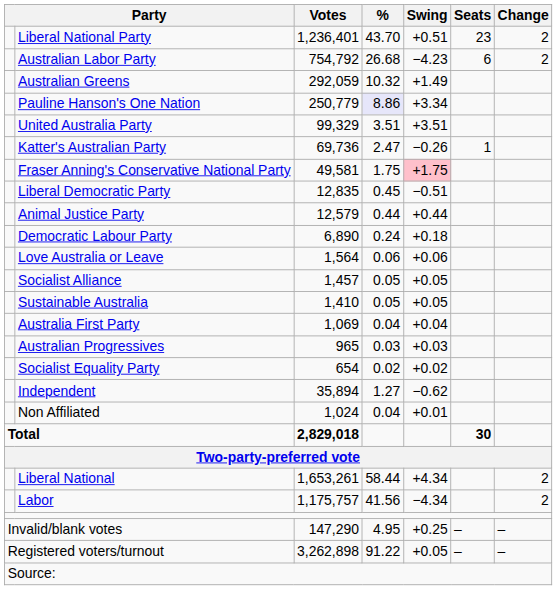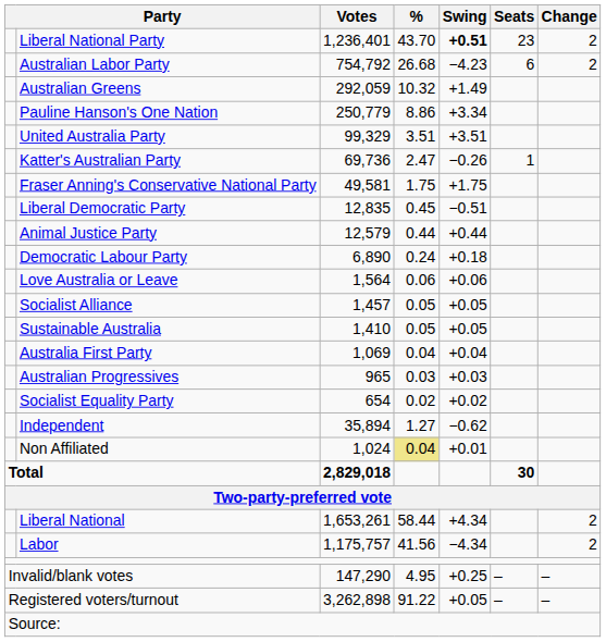 <table class="wikitable">
 <tr>
 <th style="width:200px" colspan=2>Party</th>
 <th style="width:70px; text-align:center;">Votes</th>
 <th style="width:40px; text-align:center;">%</th>
 <th style="width:40px; text-align:center;">Swing</th>
 <th style="width:40px; text-align:center;">Seats</th>
 <th style="width:40px; text-align:center;">Change</th>
 </tr>
 <tr>
 <td> </td>
 <td><a href='#'>Liberal National Party</a></td>
 <td align=right>1,236,401</td>
 <td align=right>43.70</td>
-<td align=right>+0.51</td>
+<td align=right><strong>+0.51</strong></td>
 <td align=right>23</td>
 <td align=right> 2</td>
 </tr>
 <tr>
 <td> </td>
 <td><a href='#'>Australian Labor Party</a></td>
 <td align=right>754,792</td>
 <td align=right>26.68</td>
 <td align=right>−4.23</td>
 <td align=right>6</td>
 <td align=right> 2</td>
 </tr>
 <tr>
 <td> </td>
 <td><a href='#'>Australian Greens</a></td>
 <td align=right>292,059</td>
 <td align=right>10.32</td>
 <td align=right>+1.49</td>
 <td align=right></td>
 <td align=right></td>
 </tr>
 <tr>
 <td> </td>
 <td><a href='#'>Pauline Hanson's One Nation</a></td>
 <td align=right>250,779</td>
-<td align=right style="background: lavender;">8.86</td>
+<td align=right>8.86</td>
 <td align=right>+3.34</td>
 <td align=right></td>
 <td align=right></td>
 </tr>
 <tr>
 <td> </td>
 <td><a href='#'>United Australia Party</a></td>
 <td align=right>99,329</td>
 <td align=right>3.51</td>
 <td align=right>+3.51</td>
 <td align=right></td>
 <td align=right></td>
 </tr>
 <tr>
 <td> </td>
 <td><a href='#'>Katter's Australian Party</a></td>
 <td align=right>69,736</td>
 <td align=right>2.47</td>
 <td align=right>−0.26</td>
 <td align=right>1</td>
 <td align=right></td>
 </tr>
 <tr>
 <td> </td>
 <td><a href='#'>Fraser Anning's Conservative National Party</a></td>
 <td align=right>49,581</td>
 <td align=right>1.75</td>
-<td align=right style="background: pink;">+1.75</td>
+<td align=right>+1.75</td>
 <td align=right></td>
 <td align=right></td>
 </tr>
 <tr>
 <td> </td>
 <td><a href='#'>Liberal Democratic Party</a></td>
 <td align=right>12,835</td>
 <td align=right>0.45</td>
 <td align=right>−0.51</td>
 <td align=right></td>
 <td align=right></td>
 </tr>
 <tr>
 <td> </td>
 <td><a href='#'>Animal Justice Party</a></td>
 <td align=right>12,579</td>
 <td align=right>0.44</td>
 <td align=right>+0.44</td>
 <td align=right></td>
 <td align=right></td>
 </tr>
 <tr>
 <td> </td>
 <td><a href='#'>Democratic Labour Party</a></td>
 <td align=right>6,890</td>
 <td align=right>0.24</td>
 <td align=right>+0.18</td>
 <td align=right></td>
 <td align=right></td>
 </tr>
 <tr>
 <td> </td>
 <td><a href='#'>Love Australia or Leave</a></td>
 <td align=right>1,564</td>
 <td align=right>0.06</td>
 <td align=right>+0.06</td>
 <td align=right></td>
 <td align=right></td>
 </tr>
 <tr>
 <td> </td>
 <td><a href='#'>Socialist Alliance</a></td>
 <td align=right>1,457</td>
 <td align=right>0.05</td>
 <td align=right>+0.05</td>
 <td align=right></td>
 <td align=right></td>
 </tr>
 <tr>
 <td> </td>
 <td><a href='#'>Sustainable Australia</a></td>
 <td align=right>1,410</td>
 <td align=right>0.05</td>
 <td align=right>+0.05</td>
 <td align=right></td>
 <td align=right></td>
 </tr>
 <tr>
 <td> </td>
 <td><a href='#'>Australia First Party</a></td>
 <td align=right>1,069</td>
 <td align=right>0.04</td>
 <td align=right>+0.04</td>
 <td align=right></td>
 <td align=right></td>
 </tr>
 <tr>
 <td> </td>
 <td><a href='#'>Australian Progressives</a></td>
 <td align=right>965</td>
 <td align=right>0.03</td>
 <td align=right>+0.03</td>
 <td align=right></td>
 <td align=right></td>
 </tr>
 <tr>
 <td> </td>
 <td><a href='#'>Socialist Equality Party</a></td>
 <td align=right>654</td>
 <td align=right>0.02</td>
 <td align=right>+0.02</td>
 <td align=right></td>
 <td align=right></td>
 </tr>
 <tr>
 <td> </td>
 <td><a href='#'>Independent</a></td>
 <td align=right>35,894</td>
 <td align=right>1.27</td>
 <td align=right>−0.62</td>
 <td align=right></td>
 <td align=right></td>
 </tr>
 <tr>
 <td> </td>
 <td>Non Affiliated</td>
 <td align=right>1,024</td>
-<td align=right>0.04</td>
+<td align=right style="background: khaki;">0.04</td>
 <td align=right>+0.01</td>
 <td align=right></td>
 <td align=right></td>
 </tr>
 <tr>
 <td align=left colspan=2><strong>Total</strong></td>
 <td align=right><strong>2,829,018</strong></td>
 <td align=right></td>
 <td align=right></td>
 <td align=right><strong>30</strong></td>
 <td align=right></td>
 </tr>
 <tr>
 <th colspan="7"><a href='#'>Two-party-preferred vote</a></th>
 </tr>
 <tr>
 <td> </td>
 <td style="text-align:left;"><a href='#'>Liberal National</a></td>
 <td align=right>1,653,261</td>
 <td align=right>58.44</td>
 <td align=right>+4.34</td>
 <td align=right></td>
 <td align=right> 2</td>
 </tr>
 <tr>
 <td> </td>
 <td style="text-align:left;"><a href='#'>Labor</a></td>
 <td align=right>1,175,757</td>
 <td align=right>41.56</td>
 <td align=right>−4.34</td>
 <td align=right></td>
 <td align=right> 2</td>
 </tr>
 <tr>
 <td colspan="7"></td>
 </tr>
 <tr>
 <td align=left colspan=2>Invalid/blank votes</td>
 <td align=right>147,290</td>
 <td align=right>4.95</td>
 <td align=right>+0.25</td>
 <td>–</td>
 <td>–</td>
 </tr>
 <tr>
 <td align=left colspan=2>Registered voters/turnout</td>
 <td align=right>3,262,898</td>
 <td align=right>91.22</td>
 <td align=right>+0.05</td>
 <td>–</td>
 <td>–</td>
 </tr>
 <tr>
 <td align=left colspan=7>Source: </td>
 </tr>
 </table>
